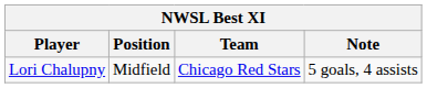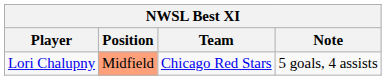 <table class="wikitable">
 <tr>
 <th colspan=4>NWSL Best XI</th>
 </tr>
 <tr>
 <th>Player</th>
 <th>Position</th>
 <th>Team</th>
 <th>Note</th>
 </tr>
 <tr>
 <td> <a href='#'>Lori Chalupny</a></td>
-<td>Midfield</td>
+<td style="background: lightsalmon;">Midfield</td>
 <td><a href='#'>Chicago Red Stars</a></td>
 <td>5 goals, 4 assists</td>
 </tr>
 </table>
